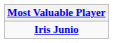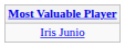 <table class=wikitable style="text-align:center; margin:auto">
 <tr>
 <th><a href='#'>Most Valuable Player</a></th>
 </tr>
 <tr>
-<td><strong> <a href='#'>Iris Junio</a></strong></td>
+<td> <a href='#'>Iris Junio</a></td>
 </tr>
 </table>
